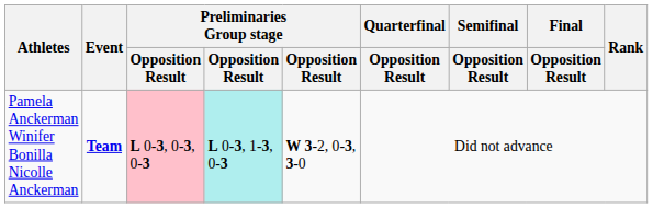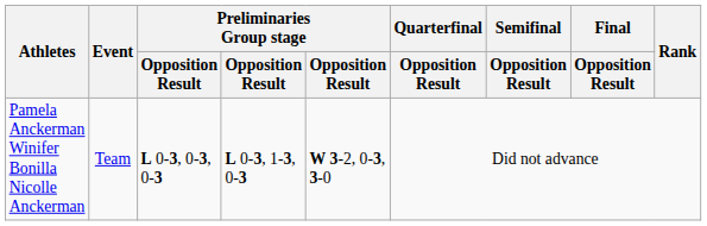 <table class="wikitable" border="1" style="font-size:90%">
 <tr>
 <th rowspan=2>Athletes</th>
 <th rowspan=2>Event</th>
 <th colspan=3>Preliminaries<br>Group stage</th>
 <th>Quarterfinal</th>
 <th>Semifinal</th>
 <th>Final</th>
 <th rowspan=2>Rank</th>
 </tr>
 <tr>
 <th>Opposition<br>Result</th>
 <th>Opposition<br>Result</th>
 <th>Opposition<br>Result</th>
 <th>Opposition<br>Result</th>
 <th>Opposition<br>Result</th>
 <th>Opposition<br>Result</th>
 </tr>
 <tr>
 <td><a href='#'>Pamela Anckerman</a><br><a href='#'>Winifer Bonilla</a><br><a href='#'>Nicolle Anckerman</a></td>
-<td align=center><strong><a href='#'>Team</a></strong></td>
-<td style="background: pink;"><br><strong>L</strong> 0-<strong>3</strong>, 0-<strong>3</strong>, 0-<strong>3</strong></td>
-<td style="background: paleturquoise;"><br><strong>L</strong> 0-<strong>3</strong>, 1-<strong>3</strong>, 0-<strong>3</strong></td>
+<td align=center><a href='#'>Team</a></td>
+<td><br><strong>L</strong> 0-<strong>3</strong>, 0-<strong>3</strong>, 0-<strong>3</strong></td>
+<td><br><strong>L</strong> 0-<strong>3</strong>, 1-<strong>3</strong>, 0-<strong>3</strong></td>
 <td><br><strong>W</strong> <strong>3</strong>-2, 0-<strong>3</strong>, <strong>3</strong>-0</td>
 <td align="center" colspan="7">Did not advance</td>
 </tr>
 </table>
